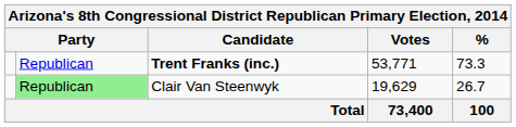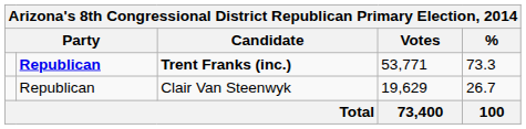 <table class="wikitable">
 <tr>
 <th colspan = 6>Arizona's 8th Congressional District Republican Primary Election, 2014</th>
 </tr>
 <tr>
 <th colspan=2>Party</th>
 <th>Candidate</th>
 <th>Votes</th>
 <th>%</th>
 </tr>
 <tr>
 <td></td>
-<td><a href='#'>Republican</a></td>
+<td><strong><a href='#'>Republican</a></strong></td>
 <td><strong>Trent Franks (inc.)</strong></td>
 <td>53,771</td>
 <td>73.3</td>
 </tr>
 <tr>
 <td></td>
-<td style="background: lightgreen;">Republican</td>
+<td>Republican</td>
 <td>Clair Van Steenwyk</td>
 <td>19,629</td>
 <td>26.7</td>
 </tr>
 <tr>
 <th colspan=3; style="text-align:right;">Total</th>
 <th align=center>73,400</th>
 <th align=center>100</th>
 </tr>
 </table>
